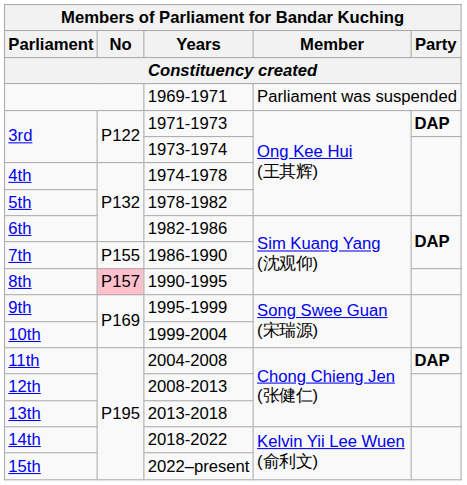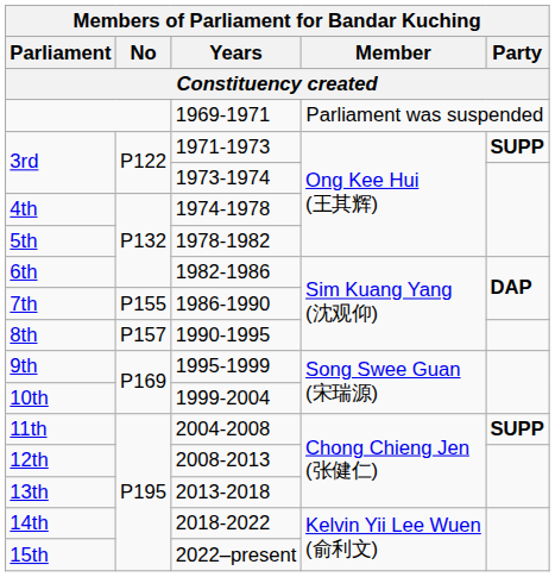 <table class=wikitable>
 <tr>
 <th colspan="5">Members of Parliament for Bandar Kuching</th>
 </tr>
 <tr>
 <th>Parliament</th>
 <th>No</th>
 <th>Years</th>
 <th>Member</th>
 <th>Party</th>
 </tr>
 <tr>
 <th colspan="5" align="center"><em>Constituency created</em></th>
 </tr>
 <tr>
 <td colspan="2"></td>
 <td>1969-1971</td>
 <td colspan=2 align=center>Parliament was suspended</td>
 </tr>
 <tr>
 <td rowspan=2><a href='#'>3rd</a></td>
 <td rowspan="2">P122</td>
 <td>1971-1973</td>
 <td rowspan=4><a href='#'>Ong Kee Hui</a> <br> (王其辉)</td>
-<td><strong>DAP</strong></td>
+<td><strong>SUPP</strong></td>
 </tr>
 <tr>
 <td>1973-1974</td>
 <td rowspan=3></td>
 </tr>
 <tr>
 <td><a href='#'>4th</a></td>
 <td rowspan="3">P132</td>
 <td>1974-1978</td>
 </tr>
 <tr>
 <td><a href='#'>5th</a></td>
 <td>1978-1982</td>
 </tr>
 <tr>
 <td><a href='#'>6th</a></td>
 <td>1982-1986</td>
 <td rowspan=3><a href='#'>Sim Kuang Yang</a>  <br>(沈观仰)</td>
 <td rowspan="2"><strong>DAP</strong></td>
 </tr>
 <tr>
 <td><a href='#'>7th</a></td>
 <td>P155</td>
 <td>1986-1990</td>
 </tr>
 <tr>
 <td><a href='#'>8th</a></td>
-<td style="background: pink;">P157</td>
+<td>P157</td>
 <td>1990-1995</td>
 <td bgcolor=></td>
 </tr>
 <tr>
 <td><a href='#'>9th</a></td>
 <td rowspan="2">P169</td>
 <td>1995-1999</td>
 <td rowspan=2><a href='#'>Song Swee Guan</a>  <br>(宋瑞源)</td>
 <td rowspan="2"></td>
 </tr>
 <tr>
 <td><a href='#'>10th</a></td>
 <td>1999-2004</td>
 </tr>
 <tr>
 <td><a href='#'>11th</a></td>
 <td rowspan="5">P195</td>
 <td>2004-2008</td>
 <td rowspan=3><a href='#'>Chong Chieng Jen</a> <br> (张健仁)</td>
-<td><strong>DAP</strong></td>
+<td><strong>SUPP</strong></td>
 </tr>
 <tr>
 <td><a href='#'>12th</a></td>
 <td>2008-2013</td>
 <td rowspan=2></td>
 </tr>
 <tr>
 <td><a href='#'>13th</a></td>
 <td>2013-2018</td>
 </tr>
 <tr>
 <td><a href='#'>14th</a></td>
 <td>2018-2022</td>
 <td rowspan="2"><a href='#'>Kelvin Yii Lee Wuen</a> <br> (俞利文)</td>
 <td rowspan="2"></td>
 </tr>
 <tr>
 <td><a href='#'>15th</a></td>
 <td>2022–present</td>
 </tr>
 </table>
